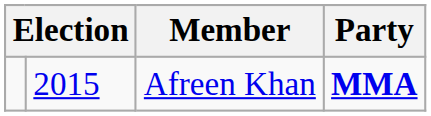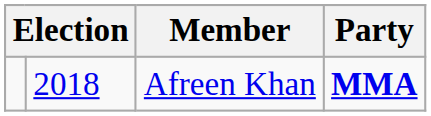 <table class="wikitable">
 <tr>
 <th colspan="2">Election</th>
 <th>Member</th>
 <th>Party</th>
 </tr>
 <tr>
 <td style="background-color: "></td>
-<td><a href='#'>2015</a></td>
+<td><a href='#'>2018</a></td>
 <td><a href='#'>Afreen Khan</a></td>
 <td><strong><a href='#'>MMA</a></strong></td>
 </tr>
 </table>
